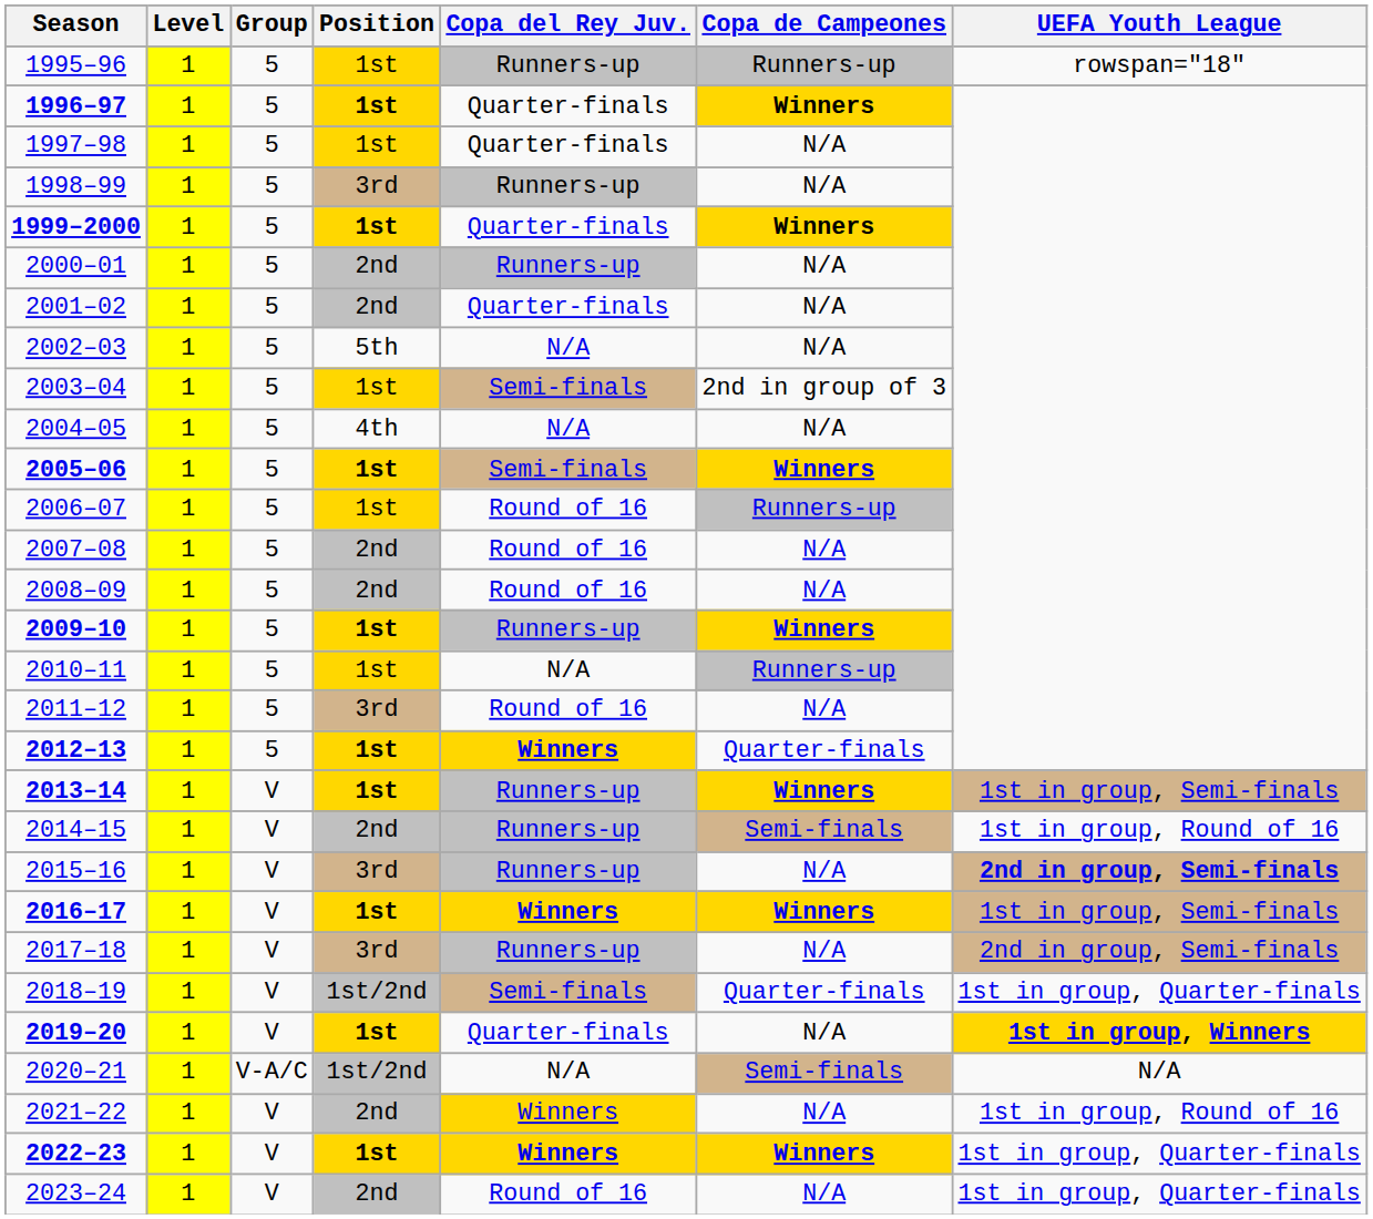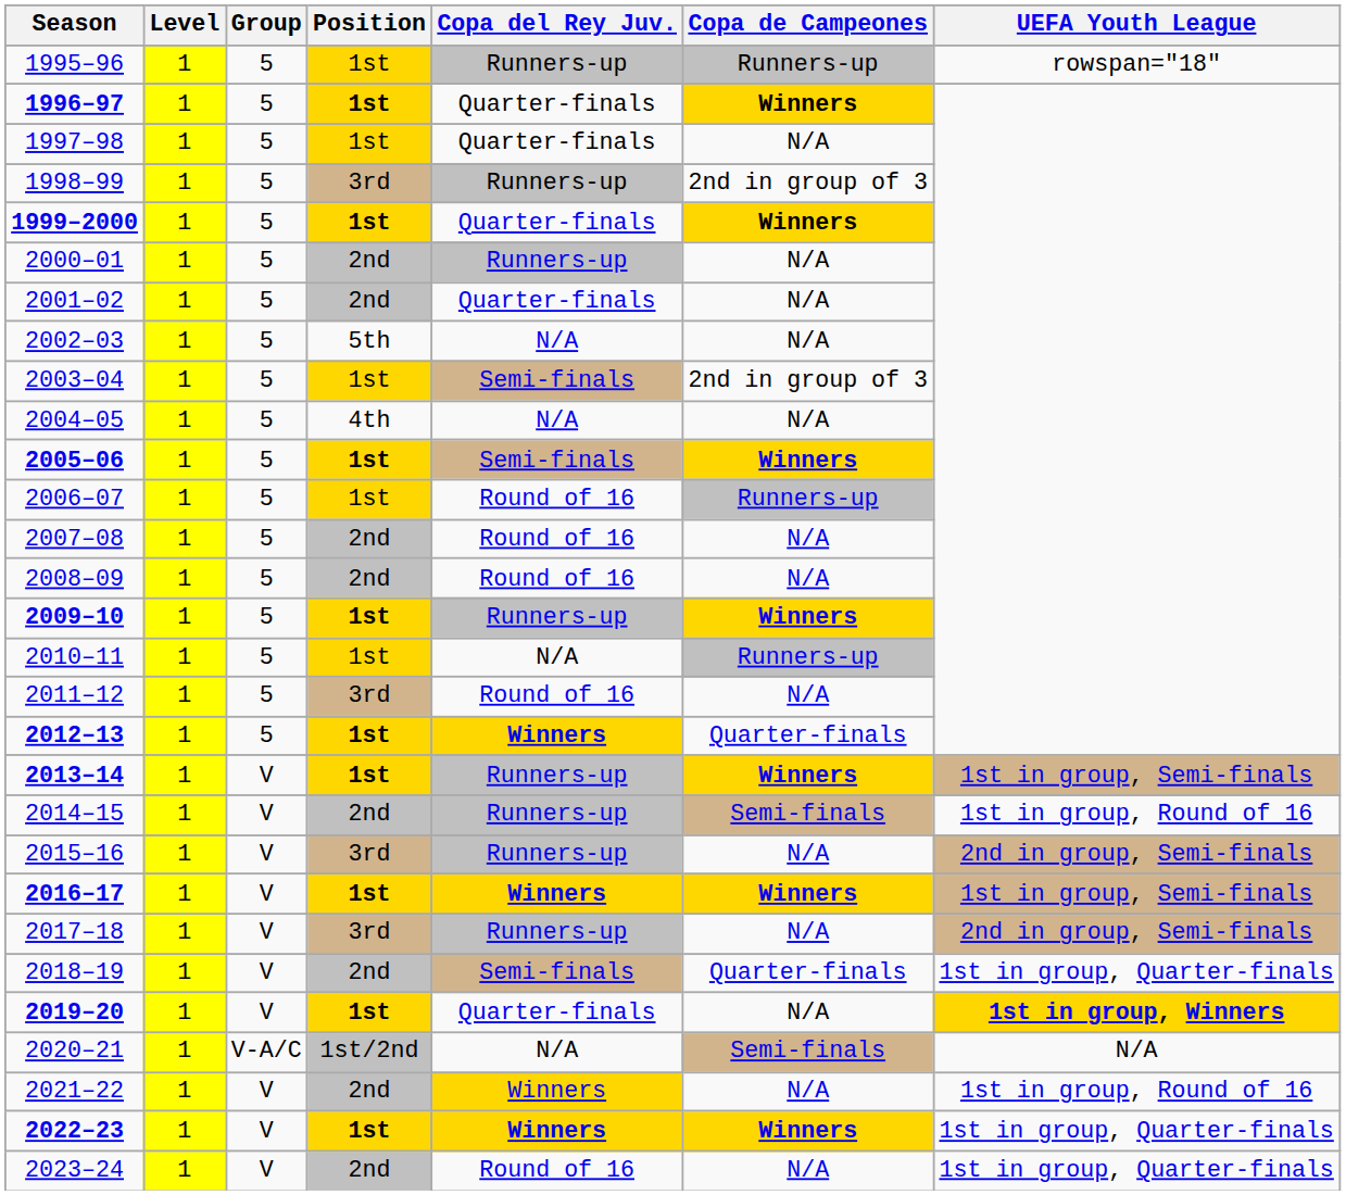 <table class="wikitable" style="text-align:center; font-size:90%">
 <tr>
 <th>Season</th>
 <th>Level</th>
 <th>Group</th>
 <th>Position</th>
 <th><a href='#'>Copa del Rey Juv.</a></th>
 <th><a href='#'>Copa de Campeones</a></th>
 <th><a href='#'>UEFA Youth League</a></th>
 </tr>
 <tr>
 <td><a href='#'>1995–96</a></td>
 <td bgcolor=#FFFF00>1</td>
 <td>5</td>
 <td bgcolor=gold>1st</td>
 <td bgcolor=silver>Runners-up</td>
 <td bgcolor=silver>Runners-up</td>
 <td>rowspan="18" </td>
 </tr>
 <tr>
 <td><strong><a href='#'>1996–97</a></strong></td>
 <td bgcolor=#FFFF00>1</td>
 <td>5</td>
 <td bgcolor=gold><strong>1st</strong></td>
 <td>Quarter-finals</td>
 <td bgcolor=gold><strong>Winners</strong></td>
 </tr>
 <tr>
 <td><a href='#'>1997–98</a></td>
 <td bgcolor=#FFFF00>1</td>
 <td>5</td>
 <td bgcolor=gold>1st</td>
 <td>Quarter-finals</td>
 <td>N/A</td>
 </tr>
 <tr>
 <td><a href='#'>1998–99</a></td>
 <td bgcolor=#FFFF00>1</td>
 <td>5</td>
 <td bgcolor=#D2B48C>3rd</td>
 <td bgcolor=silver>Runners-up</td>
-<td>N/A</td>
+<td>2nd in group of 3</td>
 </tr>
 <tr>
 <td><strong><a href='#'>1999–2000</a></strong></td>
 <td bgcolor=#FFFF00>1</td>
 <td>5</td>
 <td bgcolor=gold><strong>1st</strong></td>
 <td><a href='#'>Quarter-finals</a></td>
 <td bgcolor=gold><strong>Winners</strong></td>
 </tr>
 <tr>
 <td><a href='#'>2000–01</a></td>
 <td bgcolor=#FFFF00>1</td>
 <td>5</td>
 <td bgcolor=silver>2nd</td>
 <td bgcolor=silver><a href='#'>Runners-up</a></td>
 <td>N/A</td>
 </tr>
 <tr>
 <td><a href='#'>2001–02</a></td>
 <td bgcolor=#FFFF00>1</td>
 <td>5</td>
 <td bgcolor=silver>2nd</td>
 <td><a href='#'>Quarter-finals</a></td>
 <td>N/A</td>
 </tr>
 <tr>
 <td><a href='#'>2002–03</a></td>
 <td bgcolor=#FFFF00>1</td>
 <td>5</td>
 <td>5th</td>
 <td><a href='#'>N/A</a></td>
 <td>N/A</td>
 </tr>
 <tr>
 <td><a href='#'>2003–04</a></td>
 <td bgcolor=#FFFF00>1</td>
 <td>5</td>
 <td bgcolor=gold>1st</td>
 <td bgcolor=#D2B48C><a href='#'>Semi-finals</a></td>
 <td>2nd in group of 3</td>
 </tr>
 <tr>
 <td><a href='#'>2004–05</a></td>
 <td bgcolor=#FFFF00>1</td>
 <td>5</td>
 <td>4th</td>
 <td><a href='#'>N/A</a></td>
 <td>N/A</td>
 </tr>
 <tr>
 <td><strong><a href='#'>2005–06</a></strong></td>
 <td bgcolor=#FFFF00>1</td>
 <td>5</td>
 <td bgcolor=gold><strong>1st</strong></td>
 <td bgcolor=#D2B48C><a href='#'>Semi-finals</a></td>
 <td bgcolor=gold><strong><a href='#'>Winners</a></strong></td>
 </tr>
 <tr>
 <td><a href='#'>2006–07</a></td>
 <td bgcolor=#FFFF00>1</td>
 <td>5</td>
 <td bgcolor=gold>1st</td>
 <td><a href='#'>Round of 16</a></td>
 <td bgcolor=silver><a href='#'>Runners-up</a></td>
 </tr>
 <tr>
 <td><a href='#'>2007–08</a></td>
 <td bgcolor=#FFFF00>1</td>
 <td>5</td>
 <td bgcolor=silver>2nd</td>
 <td><a href='#'>Round of 16</a></td>
 <td><a href='#'>N/A</a></td>
 </tr>
 <tr>
 <td><a href='#'>2008–09</a></td>
 <td bgcolor=#FFFF00>1</td>
 <td>5</td>
 <td bgcolor=silver>2nd</td>
 <td><a href='#'>Round of 16</a></td>
 <td><a href='#'>N/A</a></td>
 </tr>
 <tr>
 <td><strong><a href='#'>2009–10</a></strong></td>
 <td bgcolor=#FFFF00>1</td>
 <td>5</td>
 <td bgcolor=gold><strong>1st</strong></td>
 <td bgcolor=silver><a href='#'>Runners-up</a></td>
 <td bgcolor=gold><strong><a href='#'>Winners</a></strong></td>
 </tr>
 <tr>
 <td><a href='#'>2010–11</a></td>
 <td bgcolor=#FFFF00>1</td>
 <td>5</td>
 <td bgcolor=gold>1st</td>
 <td>N/A</td>
 <td bgcolor=silver><a href='#'>Runners-up</a></td>
 </tr>
 <tr>
 <td><a href='#'>2011–12</a></td>
 <td bgcolor=#FFFF00>1</td>
 <td>5</td>
 <td bgcolor=#D2B48C>3rd</td>
 <td><a href='#'>Round of 16</a></td>
 <td><a href='#'>N/A</a></td>
 </tr>
 <tr>
 <td><strong><a href='#'>2012–13</a></strong></td>
 <td bgcolor=#FFFF00>1</td>
 <td>5</td>
 <td bgcolor=gold><strong>1st</strong></td>
 <td bgcolor=gold><strong><a href='#'>Winners</a></strong></td>
 <td><a href='#'>Quarter-finals</a></td>
 </tr>
 <tr>
 <td><strong><a href='#'>2013–14</a></strong></td>
 <td bgcolor=#FFFF00>1</td>
 <td>V</td>
 <td bgcolor=gold><strong>1st</strong></td>
 <td bgcolor=silver><a href='#'>Runners-up</a></td>
 <td bgcolor=gold><strong><a href='#'>Winners</a></strong></td>
 <td bgcolor=#D2B48C><a href='#'>1st in group</a>, <a href='#'>Semi-finals</a></td>
 </tr>
 <tr>
 <td><a href='#'>2014–15</a></td>
 <td bgcolor=#FFFF00>1</td>
 <td>V</td>
 <td bgcolor=silver>2nd</td>
 <td bgcolor=silver><a href='#'>Runners-up</a></td>
 <td bgcolor=#D2B48C><a href='#'>Semi-finals</a></td>
 <td><a href='#'>1st in group</a>, <a href='#'>Round of 16</a></td>
 </tr>
 <tr>
 <td><a href='#'>2015–16</a></td>
 <td bgcolor=#FFFF00>1</td>
 <td>V</td>
 <td bgcolor=#D2B48C>3rd</td>
 <td bgcolor=silver><a href='#'>Runners-up</a></td>
 <td><a href='#'>N/A</a></td>
-<td bgcolor=#D2B48C><strong><a href='#'>2nd in group</a>, <a href='#'>Semi-finals</a></strong></td>
+<td bgcolor=#D2B48C><a href='#'>2nd in group</a>, <a href='#'>Semi-finals</a></td>
 </tr>
 <tr>
 <td><strong><a href='#'>2016–17</a></strong></td>
 <td bgcolor=#FFFF00>1</td>
 <td>V</td>
 <td bgcolor=gold><strong>1st</strong></td>
 <td bgcolor=gold><strong><a href='#'>Winners</a></strong></td>
 <td bgcolor=gold><strong><a href='#'>Winners</a></strong></td>
 <td bgcolor=#D2B48C><a href='#'>1st in group</a>, <a href='#'>Semi-finals</a></td>
 </tr>
 <tr>
 <td><a href='#'>2017–18</a></td>
 <td bgcolor=#FFFF00>1</td>
 <td>V</td>
 <td bgcolor=#D2B48C>3rd</td>
 <td bgcolor=silver><a href='#'>Runners-up</a></td>
 <td><a href='#'>N/A</a></td>
 <td bgcolor=#D2B48C><a href='#'>2nd in group</a>, <a href='#'>Semi-finals</a></td>
 </tr>
 <tr>
 <td><a href='#'>2018–19</a></td>
 <td bgcolor=#FFFF00>1</td>
 <td>V</td>
-<td bgcolor=silver>1st/2nd</td>
+<td bgcolor=silver>2nd</td>
 <td bgcolor=#D2B48C><a href='#'>Semi-finals</a></td>
 <td><a href='#'>Quarter-finals</a></td>
 <td><a href='#'>1st in group</a>, <a href='#'>Quarter-finals</a></td>
 </tr>
 <tr>
 <td><strong><a href='#'>2019–20</a></strong></td>
 <td bgcolor=#FFFF00>1</td>
 <td>V</td>
 <td bgcolor=gold><strong>1st</strong></td>
 <td><a href='#'>Quarter-finals</a></td>
 <td>N/A</td>
 <td bgcolor=gold><strong><a href='#'>1st in group</a>, <a href='#'>Winners</a></strong></td>
 </tr>
 <tr>
 <td><a href='#'>2020–21</a></td>
 <td bgcolor=#FFFF00>1</td>
 <td>V-A/C</td>
 <td bgcolor=silver>1st/2nd</td>
 <td>N/A</td>
 <td bgcolor=#D2B48C><a href='#'>Semi-finals</a></td>
 <td>N/A</td>
 </tr>
 <tr>
 <td><a href='#'>2021–22</a></td>
 <td bgcolor=#FFFF00>1</td>
 <td>V</td>
 <td bgcolor=silver>2nd</td>
 <td bgcolor=gold><a href='#'>Winners</a></td>
 <td><a href='#'>N/A</a></td>
 <td><a href='#'>1st in group</a>, <a href='#'>Round of 16</a></td>
 </tr>
 <tr>
 <td><strong><a href='#'>2022–23</a></strong></td>
 <td bgcolor=#FFFF00>1</td>
 <td>V</td>
 <td bgcolor=gold><strong>1st</strong></td>
 <td bgcolor=gold><strong><a href='#'>Winners</a></strong></td>
 <td bgcolor=gold><strong><a href='#'>Winners</a></strong></td>
 <td><a href='#'>1st in group</a>, <a href='#'>Quarter-finals</a></td>
 </tr>
 <tr>
 <td><a href='#'>2023–24</a></td>
 <td bgcolor=#FFFF00>1</td>
 <td>V</td>
 <td bgcolor=silver>2nd</td>
 <td><a href='#'>Round of 16</a></td>
 <td><a href='#'>N/A</a></td>
 <td><a href='#'>1st in group</a>, <a href='#'>Quarter-finals</a></td>
 </tr>
 </table>
